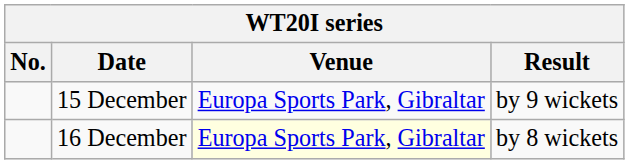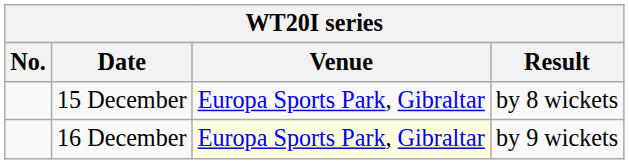 <table class="wikitable">
 <tr>
 <th colspan="5">WT20I series</th>
 </tr>
 <tr>
 <th>No.</th>
 <th>Date</th>
 <th>Venue</th>
 <th>Result</th>
 </tr>
 <tr>
 <td></td>
 <td>15 December</td>
 <td><a href='#'>Europa Sports Park</a>, <a href='#'>Gibraltar</a></td>
-<td> by 9 wickets</td>
+<td> by 8 wickets</td>
 </tr>
 <tr>
 <td></td>
 <td>16 December</td>
 <td style="background: lightyellow;"><a href='#'>Europa Sports Park</a>, <a href='#'>Gibraltar</a></td>
-<td> by 8 wickets</td>
+<td> by 9 wickets</td>
 </tr>
 </table>
